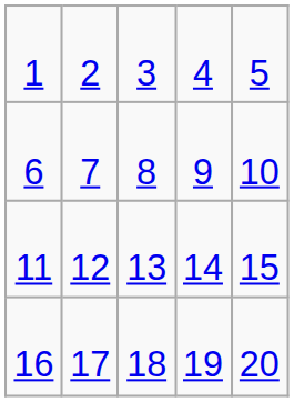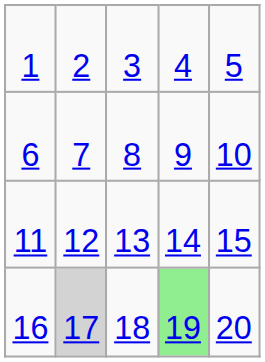 <table class=wikitable>
 <tr align=center>
 <td><br><a href='#'>1</a></td>
 <td><br><a href='#'>2</a></td>
 <td><br><a href='#'>3</a></td>
 <td><br><a href='#'>4</a></td>
 <td><br><a href='#'>5</a></td>
 </tr>
 <tr align=center>
 <td><br><a href='#'>6</a></td>
 <td><br><a href='#'>7</a></td>
 <td><br><a href='#'>8</a></td>
 <td><br><a href='#'>9</a></td>
 <td><br><a href='#'>10</a></td>
 </tr>
 <tr align=center>
 <td><br><a href='#'>11</a></td>
 <td><br><a href='#'>12</a></td>
 <td><br><a href='#'>13</a></td>
 <td><br><a href='#'>14</a></td>
 <td><br><a href='#'>15</a></td>
 </tr>
 <tr align=center>
 <td><br><a href='#'>16</a></td>
-<td><br><a href='#'>17</a></td>
+<td style="background: lightgrey;"><br><a href='#'>17</a></td>
 <td><br><a href='#'>18</a></td>
-<td><br><a href='#'>19</a></td>
+<td style="background: lightgreen;"><br><a href='#'>19</a></td>
 <td><br><a href='#'>20</a></td>
 </tr>
 </table>
